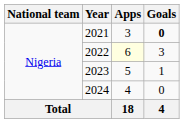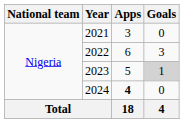 <table class="wikitable" style="text-align:center">
 <tr>
 <th>National team</th>
 <th>Year</th>
 <th>Apps</th>
 <th>Goals</th>
 </tr>
 <tr>
 <td rowspan="4"><a href='#'>Nigeria</a></td>
 <td>2021</td>
 <td>3</td>
-<td><strong>0</strong></td>
+<td>0</td>
 </tr>
 <tr>
 <td>2022</td>
-<td style="background: lightyellow;">6</td>
+<td>6</td>
 <td>3</td>
 </tr>
 <tr>
 <td>2023</td>
 <td>5</td>
-<td>1</td>
+<td style="background: lightgrey;">1</td>
 </tr>
 <tr>
 <td>2024</td>
-<td>4</td>
+<td><strong>4</strong></td>
 <td>0</td>
 </tr>
 <tr>
 <th colspan="2">Total</th>
 <th>18</th>
 <th>4</th>
 </tr>
 </table>
